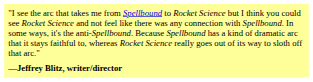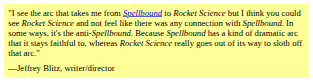 <table class="toccolours" style="float: right; margin-left: 1em; margin-right: 1em; font-size: 85%; background:#FFFF99; color:black; width:35em; max-width: 40%;" cellspacing="5">
 <tr>
 <td style="text-align: left;">"I see the arc that takes me from <em><a href='#'>Spellbound</a></em> to <em>Rocket Science</em> but I think you could see <em>Rocket Science</em> and not feel like there was any connection with <em>Spellbound</em>. In some ways, it's the anti-<em>Spellbound</em>. Because <em>Spellbound</em> has a kind of dramatic arc that it stays faithful to, whereas <em>Rocket Science</em> really goes out of its way to sloth off that arc."</td>
 </tr>
 <tr>
-<td style="text-align: left;"><strong>—Jeffrey Blitz, writer/director</strong></td>
+<td style="text-align: left;">—Jeffrey Blitz, writer/director</td>
 </tr>
 </table>
